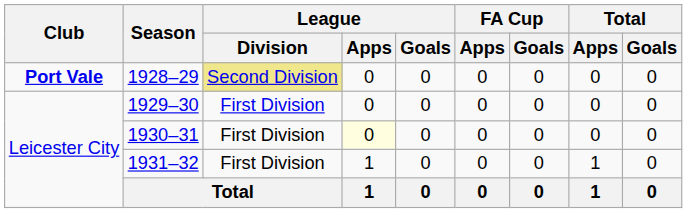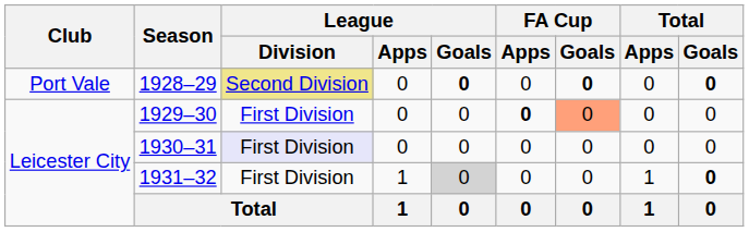 <table class="wikitable" style="text-align: center;">
 <tr>
 <th rowspan="2">Club</th>
 <th rowspan="2">Season</th>
 <th colspan="3">League</th>
 <th colspan="2">FA Cup</th>
 <th colspan="2">Total</th>
 </tr>
 <tr>
 <th>Division</th>
 <th>Apps</th>
 <th>Goals</th>
 <th>Apps</th>
 <th>Goals</th>
 <th>Apps</th>
 <th>Goals</th>
 </tr>
 <tr>
-<td><strong><a href='#'>Port Vale</a></strong></td>
+<td><a href='#'>Port Vale</a></td>
 <td><a href='#'>1928–29</a></td>
 <td style="background: khaki;"><a href='#'>Second Division</a></td>
 <td>0</td>
+<td><strong>0</strong></td>
 <td>0</td>
+<td><strong>0</strong></td>
 <td>0</td>
-<td>0</td>
-<td>0</td>
-<td>0</td>
+<td><strong>0</strong></td>
 </tr>
 <tr>
 <td rowspan="4"><a href='#'>Leicester City</a></td>
 <td><a href='#'>1929–30</a></td>
 <td><a href='#'>First Division</a></td>
 <td>0</td>
 <td>0</td>
-<td>0</td>
-<td>0</td>
+<td><strong>0</strong></td>
+<td style="background: lightsalmon;">0</td>
 <td>0</td>
 <td>0</td>
 </tr>
 <tr>
 <td><a href='#'>1930–31</a></td>
-<td>First Division</td>
-<td style="background: lightyellow;">0</td>
+<td style="background: lavender;">First Division</td>
+<td>0</td>
 <td>0</td>
 <td>0</td>
 <td>0</td>
 <td>0</td>
 <td>0</td>
 </tr>
 <tr>
 <td><a href='#'>1931–32</a></td>
 <td>First Division</td>
 <td>1</td>
-<td>0</td>
+<td style="background: lightgrey;">0</td>
 <td>0</td>
 <td>0</td>
 <td>1</td>
-<td>0</td>
+<td><strong>0</strong></td>
 </tr>
 <tr>
 <th colspan="2">Total</th>
 <th>1</th>
 <th>0</th>
 <th>0</th>
 <th>0</th>
 <th>1</th>
 <th>0</th>
 </tr>
 </table>
